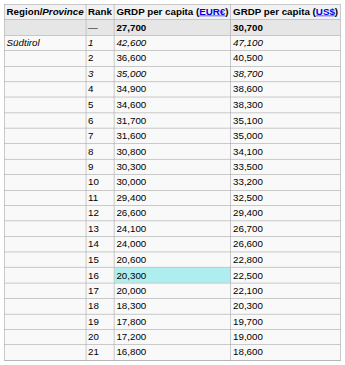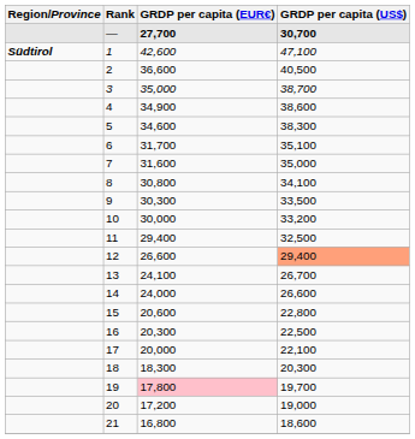 <table class="wikitable sortable">
 <tr align=center valign=middle>
 <th>Region/<em>Province</em></th>
 <th data-sort-type="number">Rank</th>
 <th data-sort-type="number">GRDP per capita (<a href='#'>EUR€</a>)</th>
 <th data-sort-type="number">GRDP per capita (<a href='#'>US$</a>)</th>
 </tr>
 <tr style="background:#e6e6e6">
 <td align=left><strong></strong></td>
 <td>—</td>
 <td><strong>27,700</strong></td>
 <td><strong>30,700</strong></td>
 </tr>
 <tr>
-<td align=left><em>Südtirol</em></td>
+<td align=left><strong><em>Südtirol</em></strong></td>
 <td><em>1</em></td>
 <td><em>42,600</em></td>
 <td><em>47,100</em></td>
 </tr>
 <tr>
 <td align=left></td>
 <td>2</td>
 <td>36,600</td>
 <td>40,500</td>
 </tr>
 <tr>
 <td align=left><em></em></td>
 <td><em>3</em></td>
 <td><em>35,000</em></td>
 <td><em>38,700</em></td>
 </tr>
 <tr>
 <td align=left></td>
 <td>4</td>
 <td>34,900</td>
 <td>38,600</td>
 </tr>
 <tr>
 <td align=left></td>
 <td>5</td>
 <td>34,600</td>
 <td>38,300</td>
 </tr>
 <tr>
 <td align=left></td>
 <td>6</td>
 <td>31,700</td>
 <td>35,100</td>
 </tr>
 <tr>
 <td align=left></td>
 <td>7</td>
 <td>31,600</td>
 <td>35,000</td>
 </tr>
 <tr>
 <td align=left></td>
 <td>8</td>
 <td>30,800</td>
 <td>34,100</td>
 </tr>
 <tr>
 <td align=left></td>
 <td>9</td>
 <td>30,300</td>
 <td>33,500</td>
 </tr>
 <tr>
 <td align=left></td>
 <td>10</td>
 <td>30,000</td>
 <td>33,200</td>
 </tr>
 <tr>
 <td align=left></td>
 <td>11</td>
 <td>29,400</td>
 <td>32,500</td>
 </tr>
 <tr>
 <td align=left></td>
 <td>12</td>
 <td>26,600</td>
-<td>29,400</td>
+<td style="background: lightsalmon;">29,400</td>
 </tr>
 <tr>
 <td align=left></td>
 <td>13</td>
 <td>24,100</td>
 <td>26,700</td>
 </tr>
 <tr>
 <td align=left></td>
 <td>14</td>
 <td>24,000</td>
 <td>26,600</td>
 </tr>
 <tr>
 <td align=left></td>
 <td>15</td>
 <td>20,600</td>
 <td>22,800</td>
 </tr>
 <tr>
 <td align=left></td>
 <td>16</td>
-<td style="background: paleturquoise;">20,300</td>
+<td>20,300</td>
 <td>22,500</td>
 </tr>
 <tr>
 <td align=left></td>
 <td>17</td>
 <td>20,000</td>
 <td>22,100</td>
 </tr>
 <tr>
 <td align=left></td>
 <td>18</td>
 <td>18,300</td>
 <td>20,300</td>
 </tr>
 <tr>
 <td align=left></td>
 <td>19</td>
-<td>17,800</td>
+<td style="background: pink;">17,800</td>
 <td>19,700</td>
 </tr>
 <tr>
 <td align=left></td>
 <td>20</td>
 <td>17,200</td>
 <td>19,000</td>
 </tr>
 <tr>
 <td align=left></td>
 <td>21</td>
 <td>16,800</td>
 <td>18,600</td>
 </tr>
 <tr>
 </tr>
 </table>
